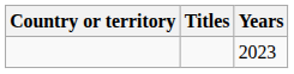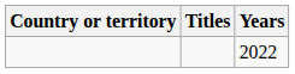 <table class="wikitable" style="font-size:95%;">
 <tr>
 <th>Country or territory</th>
 <th>Titles</th>
 <th>Years</th>
 </tr>
 <tr>
 <td></td>
 <td></td>
-<td>2023</td>
+<td>2022</td>
 </tr>
 </table>
